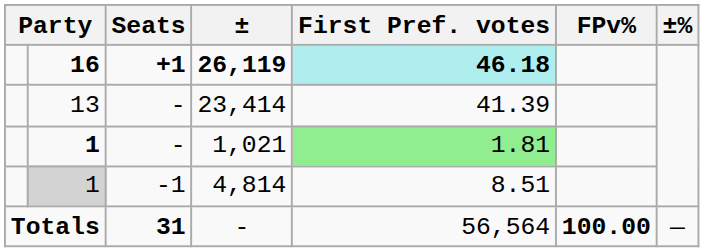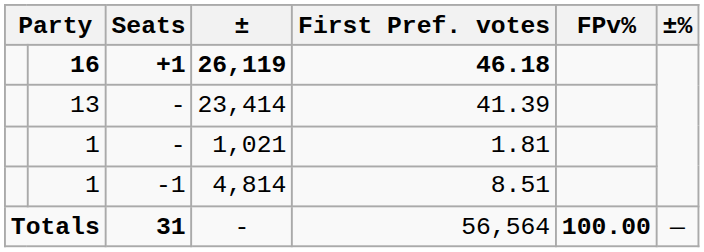 <table class=wikitable>
 <tr>
 <th colspan=2 align=center>Party</th>
 <th valign=top>Seats</th>
 <th valign=top>±</th>
 <th valign=top>First Pref. votes</th>
 <th valign=top>FPv%</th>
 <th valign=top>±%</th>
 </tr>
 <tr>
 <td></td>
 <td align=right><strong>16</strong></td>
 <td align=right><strong>+1</strong></td>
 <td align=right><strong>26,119</strong></td>
-<td align=right style="background: paleturquoise;"><strong>46.18</strong></td>
+<td align=right><strong>46.18</strong></td>
 <td align=right></td>
 </tr>
 <tr>
 <td></td>
 <td align=right>13</td>
 <td align=right>-</td>
 <td align=right>23,414</td>
 <td align=right>41.39</td>
 <td align=right></td>
 </tr>
 <tr>
 <td></td>
-<td align=right><strong>1</strong></td>
+<td align=right>1</td>
 <td align=right>-</td>
 <td align=right>1,021</td>
-<td align=right style="background: lightgreen;">1.81</td>
+<td align=right>1.81</td>
 <td align=right></td>
 </tr>
 <tr>
 <td></td>
-<td align=right style="background: lightgrey;">1</td>
+<td align=right>1</td>
 <td align=right>-1</td>
 <td align=right>4,814</td>
 <td align=right>8.51</td>
 <td align=right></td>
 </tr>
 <tr>
 <td colspan=2 align=center><strong>Totals</strong></td>
 <td align=right><strong>31</strong></td>
 <td align=center>-</td>
 <td align=right>56,564</td>
 <td align=center><strong>100.00</strong></td>
 <td align=center>—</td>
 </tr>
 </table>
